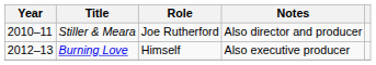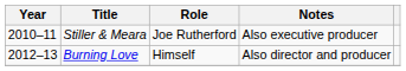 <table class="wikitable sortable plainrowheaders">
 <tr>
 <th scope="col">Year</th>
 <th scope="col">Title</th>
 <th scope="col">Role</th>
 <th scope="col" class="unsortable">Notes</th>
 <th scope="col" class="unsortable"></th>
 </tr>
 <tr>
 <td>2010–11</td>
 <td><em>Stiller & Meara</em></td>
 <td>Joe Rutherford</td>
-<td>Also director and producer</td>
+<td>Also executive producer</td>
 <td></td>
 </tr>
 <tr>
 <td>2012–13</td>
 <td><em><a href='#'>Burning Love</a></em></td>
 <td>Himself</td>
-<td>Also executive producer</td>
+<td>Also director and producer</td>
 <td></td>
 </tr>
 <tr>
 </tr>
 </table>
